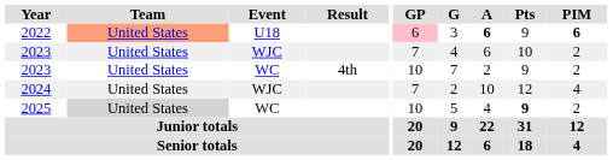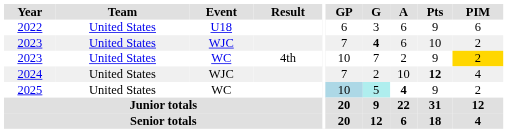 <table border="0" cellpadding="1" cellspacing="0" ID="Table3" style="text-align:center; width:40em;">
 <tr bgcolor="#e0e0e0">
 <th>Year</th>
 <th>Team</th>
 <th>Event</th>
 <th>Result</th>
 <th rowspan="99" bgcolor="#ffffff"></th>
 <th>GP</th>
 <th>G</th>
 <th>A</th>
 <th>Pts</th>
 <th>PIM</th>
 </tr>
 <tr>
 <td><a href='#'>2022</a></td>
-<td style="background: lightsalmon;"><a href='#'>United States</a></td>
+<td><a href='#'>United States</a></td>
 <td><a href='#'>U18</a></td>
 <td></td>
-<td style="background: pink;">6</td>
+<td>6</td>
 <td>3</td>
-<td><strong>6</strong></td>
+<td>6</td>
 <td>9</td>
-<td><strong>6</strong></td>
+<td>6</td>
 </tr>
 <tr bgcolor="#f0f0f0">
 <td><a href='#'>2023</a></td>
 <td><a href='#'>United States</a></td>
 <td><a href='#'>WJC</a></td>
 <td></td>
 <td>7</td>
-<td>4</td>
+<td><strong>4</strong></td>
 <td>6</td>
 <td>10</td>
 <td>2</td>
 </tr>
 <tr>
 <td><a href='#'>2023</a></td>
 <td><a href='#'>United States</a></td>
 <td><a href='#'>WC</a></td>
 <td>4th</td>
 <td>10</td>
 <td>7</td>
 <td>2</td>
 <td>9</td>
-<td>2</td>
+<td style="background: gold;">2</td>
 </tr>
 <tr bgcolor="#f0f0f0">
 <td><a href='#'>2024</a></td>
 <td>United States</td>
 <td>WJC</td>
 <td></td>
 <td>7</td>
 <td>2</td>
 <td>10</td>
-<td>12</td>
+<td><strong>12</strong></td>
 <td>4</td>
 </tr>
 <tr>
 <td><a href='#'>2025</a></td>
-<td style="background: lightgrey;">United States</td>
+<td>United States</td>
 <td>WC</td>
 <td></td>
-<td>10</td>
-<td>5</td>
-<td>4</td>
-<td><strong>9</strong></td>
+<td style="background: lightblue;">10</td>
+<td style="background: paleturquoise;">5</td>
+<td><strong>4</strong></td>
+<td>9</td>
 <td>2</td>
 </tr>
 <tr bgcolor="#e0e0e0">
 <th colspan="4">Junior totals</th>
 <th>20</th>
 <th>9</th>
 <th>22</th>
 <th>31</th>
 <th>12</th>
 </tr>
 <tr bgcolor="#e0e0e0">
 <th colspan="4">Senior totals</th>
 <th>20</th>
 <th>12</th>
 <th>6</th>
 <th>18</th>
 <th>4</th>
 </tr>
 </table>
